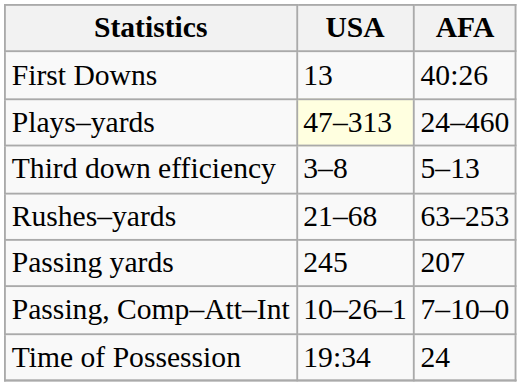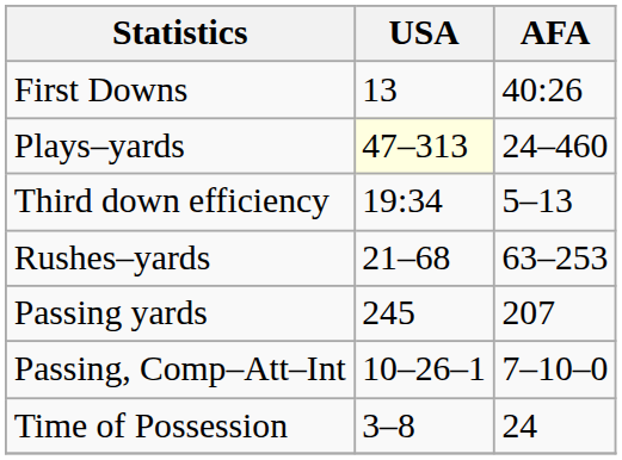 <table class="wikitable">
 <tr>
 <th>Statistics</th>
 <th style="background:#">USA</th>
 <th style="background:#">AFA</th>
 </tr>
 <tr>
 <td>First Downs</td>
 <td>13</td>
 <td>40:26</td>
 </tr>
 <tr>
 <td>Plays–yards</td>
 <td style="background: lightyellow;">47–313</td>
 <td>24–460</td>
 </tr>
 <tr>
 <td>Third down efficiency</td>
-<td>3–8</td>
+<td>19:34</td>
 <td>5–13</td>
 </tr>
 <tr>
 <td>Rushes–yards</td>
 <td>21–68</td>
 <td>63–253</td>
 </tr>
 <tr>
 <td>Passing yards</td>
 <td>245</td>
 <td>207</td>
 </tr>
 <tr>
 <td>Passing, Comp–Att–Int</td>
 <td>10–26–1</td>
 <td>7–10–0</td>
 </tr>
 <tr>
 <td>Time of Possession</td>
-<td>19:34</td>
+<td>3–8</td>
 <td>24</td>
 </tr>
 <tr>
 </tr>
 </table>
